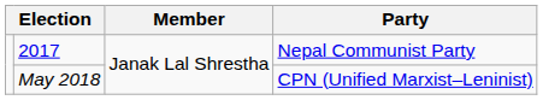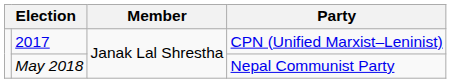 <table class="wikitable">
 <tr>
 <th colspan="2">Election</th>
 <th>Member</th>
 <th>Party</th>
 </tr>
 <tr>
 <td rowspan="2" style="background-color:"></td>
 <td><a href='#'>2017</a></td>
 <td rowspan="2">Janak Lal Shrestha</td>
-<td><a href='#'>Nepal Communist Party</a></td>
+<td><a href='#'>CPN (Unified Marxist–Leninist)</a></td>
 </tr>
 <tr>
 <td><em>May 2018</em></td>
-<td><a href='#'>CPN (Unified Marxist–Leninist)</a></td>
+<td><a href='#'>Nepal Communist Party</a></td>
 </tr>
 </table>
